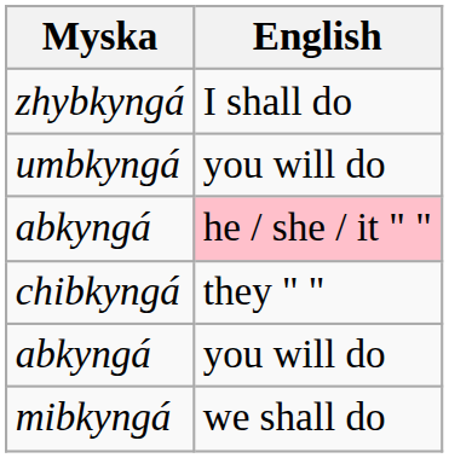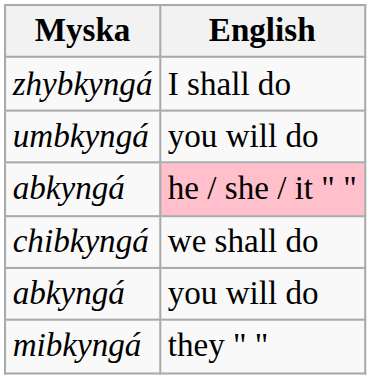 <table class="wikitable">
 <tr>
 <th>Myska</th>
 <th>English</th>
 </tr>
 <tr>
 <td><em>zhybkyngá</em></td>
 <td>I shall do</td>
 </tr>
 <tr>
 <td><em>umbkyngá</em></td>
 <td>you will do</td>
 </tr>
 <tr>
 <td><em>abkyngá</em></td>
 <td style="background: pink;">he / she / it " "</td>
 </tr>
 <tr>
 <td><em>chibkyngá</em></td>
-<td>they " "</td>
+<td>we shall do</td>
 </tr>
 <tr>
 <td><em>abkyngá</em></td>
 <td>you will do</td>
 </tr>
 <tr>
 <td><em>mibkyngá</em></td>
-<td>we shall do</td>
+<td>they " "</td>
 </tr>
 </table>
